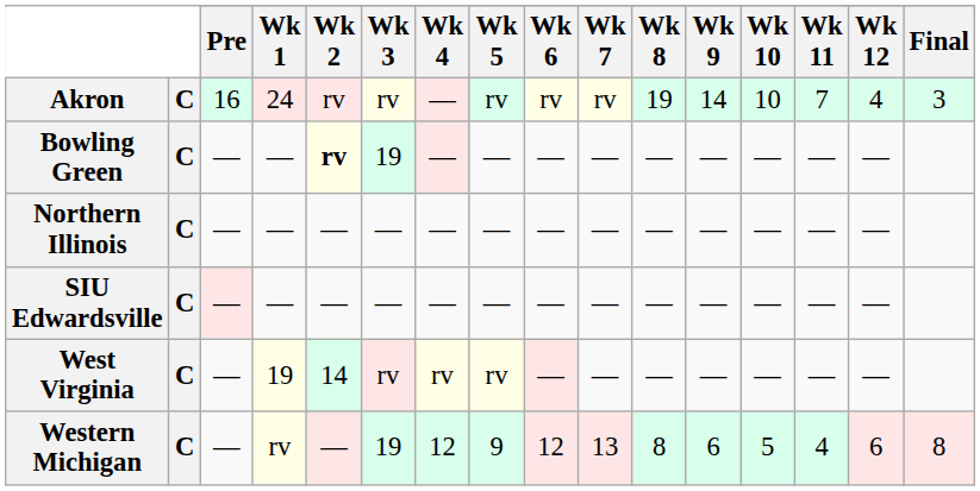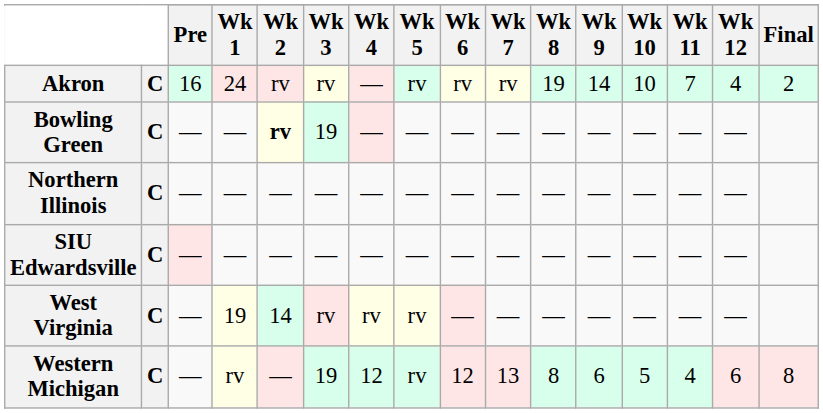 <table class="wikitable" style="text-align:center; width:60%">
 <tr>
 </tr>
 <tr>
 <th colspan=2 style="background:white; border-top-style:hidden; border-left-style:hidden;"> </th>
 <th>Pre</th>
 <th>Wk<br>1</th>
 <th>Wk<br>2</th>
 <th>Wk<br>3</th>
 <th>Wk<br>4</th>
 <th>Wk<br>5</th>
 <th>Wk<br>6</th>
 <th>Wk<br>7</th>
 <th>Wk<br>8</th>
 <th>Wk<br>9</th>
 <th>Wk<br>10</th>
 <th>Wk<br>11</th>
 <th>Wk<br>12</th>
 <th>Final</th>
 </tr>
 <tr style="text-align:center;">
 <th>Akron</th>
 <th>C</th>
 <td style="background:#D8FFEB">16</td>
 <td style="background:#FFE6E6">24</td>
 <td style="background:#FFE6E6">rv</td>
 <td style="background:#FFFFE6">rv</td>
 <td style="background:#FFE6E6">—</td>
 <td style="background:#D8FFEB">rv</td>
 <td style="background:#FFFFE6">rv</td>
 <td style="background:#FFFFE6">rv</td>
 <td style="background:#D8FFEB">19</td>
 <td style="background:#D8FFEB">14</td>
 <td style="background:#D8FFEB">10</td>
 <td style="background:#D8FFEB">7</td>
 <td style="background:#D8FFEB">4</td>
-<td style="background:#D8FFEB">3</td>
+<td style="background:#D8FFEB">2</td>
 </tr>
 <tr style="text-align:center;">
 <th>Bowling Green</th>
 <th>C</th>
 <td style="background:#">—</td>
 <td style="background:#">—</td>
 <td style="background:#FFFFE6"><strong>rv</strong></td>
 <td style="background:#D8FFEB">19</td>
 <td style="background:#FFE6E6">—</td>
 <td style="background:#">—</td>
 <td style="background:#">—</td>
 <td style="background:#">—</td>
 <td style="background:#">—</td>
 <td style="background:#">—</td>
 <td style="background:#">—</td>
 <td style="background:#">—</td>
 <td style="background:#">—</td>
 <td style="background:#"></td>
 </tr>
 <tr style="text-align:center;">
 <th>Northern Illinois</th>
 <th>C</th>
 <td style="background:#">—</td>
 <td style="background:#">—</td>
 <td style="background:#">—</td>
 <td style="background:#">—</td>
 <td style="background:#">—</td>
 <td style="background:#">—</td>
 <td style="background:#">—</td>
 <td style="background:#">—</td>
 <td style="background:#">—</td>
 <td style="background:#">—</td>
 <td style="background:#">—</td>
 <td style="background:#">—</td>
 <td style="background:#">—</td>
 <td style="background:#"></td>
 </tr>
 <tr style="text-align:center;">
 <th>SIU Edwardsville</th>
 <th>C</th>
 <td style="background:#FFE6E6">—</td>
 <td style="background:#">—</td>
 <td style="background:#">—</td>
 <td style="background:#">—</td>
 <td style="background:#">—</td>
 <td style="background:#">—</td>
 <td style="background:#">—</td>
 <td style="background:#">—</td>
 <td style="background:#">—</td>
 <td style="background:#">—</td>
 <td style="background:#">—</td>
 <td style="background:#">—</td>
 <td style="background:#">—</td>
 <td style="background:#"></td>
 </tr>
 <tr style="text-align:center;">
 <th>West Virginia</th>
 <th>C</th>
 <td style="background:#">—</td>
 <td style="background:#FFFFE6">19</td>
 <td style="background:#D8FFEB">14</td>
 <td style="background:#FFE6E6">rv</td>
 <td style="background:#FFFFE6">rv</td>
 <td style="background:#FFFFE6">rv</td>
 <td style="background:#FFE6E6">—</td>
 <td style="background:#">—</td>
 <td style="background:#">—</td>
 <td style="background:#">—</td>
 <td style="background:#">—</td>
 <td style="background:#">—</td>
 <td style="background:#">—</td>
 <td style="background:#"></td>
 </tr>
 <tr style="text-align:center;">
 <th>Western Michigan</th>
 <th>C</th>
 <td style="background:#">—</td>
 <td style="background:#FFFFE6">rv</td>
 <td style="background:#FFE6E6">—</td>
 <td style="background:#D8FFEB">19</td>
 <td style="background:#D8FFEB">12</td>
-<td style="background:#D8FFEB">9</td>
+<td style="background:#D8FFEB">rv</td>
 <td style="background:#FFE6E6">12</td>
 <td style="background:#FFE6E6">13</td>
 <td style="background:#D8FFEB">8</td>
 <td style="background:#D8FFEB">6</td>
 <td style="background:#D8FFEB">5</td>
 <td style="background:#D8FFEB">4</td>
 <td style="background:#FFE6E6">6</td>
 <td style="background:#FFE6E6">8</td>
 </tr>
 </table>
